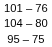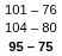 <table style="text-align:center">
 <tr>
 <th width=200></th>
 <th width=100></th>
 <th width=200></th>
 <th></th>
 </tr>
 <tr>
 <td align=right><strong></strong></td>
 <td>101 – 76</td>
 <td align=left></td>
 </tr>
 <tr>
 <td align=right><strong></strong></td>
 <td>104 – 80</td>
 <td align=left></td>
 </tr>
 <tr>
 <td align=right><strong></strong></td>
-<td>95 – 75</td>
+<td><strong>95 – 75</strong></td>
 <td align=left></td>
 </tr>
 </table>
